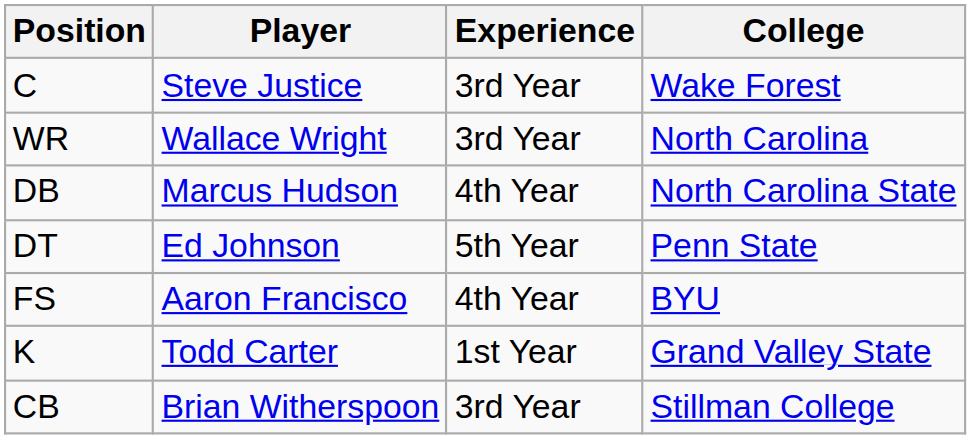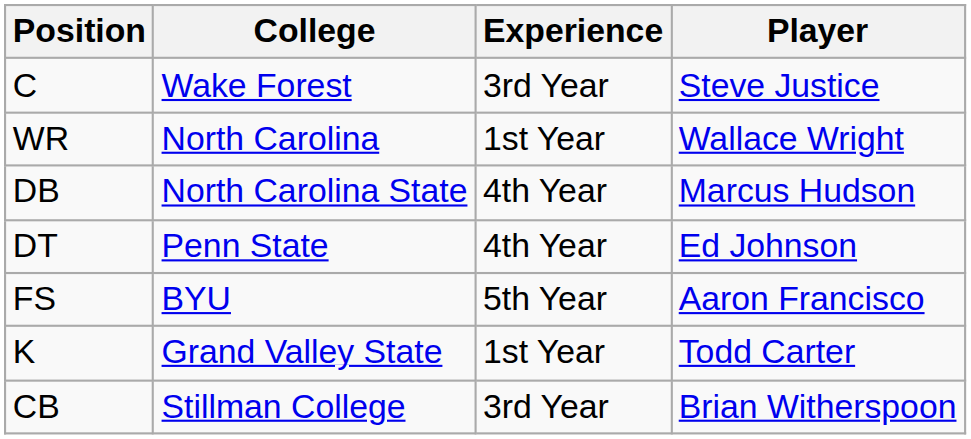 <table class="wikitable">
 <tr>
 <th>Position</th>
+<th>College</th>
+<th>Experience</th>
 <th>Player</th>
-<th>Experience</th>
-<th>College</th>
 </tr>
 <tr>
 <td>C</td>
+<td><a href='#'>Wake Forest</a></td>
+<td>3rd Year</td>
 <td><a href='#'>Steve Justice</a></td>
-<td>3rd Year</td>
-<td><a href='#'>Wake Forest</a></td>
 </tr>
 <tr>
 <td>WR</td>
+<td><a href='#'>North Carolina</a></td>
+<td>1st Year</td>
 <td><a href='#'>Wallace Wright</a></td>
-<td>3rd Year</td>
-<td><a href='#'>North Carolina</a></td>
 </tr>
 <tr>
 <td>DB</td>
+<td><a href='#'>North Carolina State</a></td>
+<td>4th Year</td>
 <td><a href='#'>Marcus Hudson</a></td>
-<td>4th Year</td>
-<td><a href='#'>North Carolina State</a></td>
 </tr>
 <tr>
 <td>DT</td>
+<td><a href='#'>Penn State</a></td>
+<td>4th Year</td>
 <td><a href='#'>Ed Johnson</a></td>
-<td>5th Year</td>
-<td><a href='#'>Penn State</a></td>
 </tr>
 <tr>
 <td>FS</td>
+<td><a href='#'>BYU</a></td>
+<td>5th Year</td>
 <td><a href='#'>Aaron Francisco</a></td>
-<td>4th Year</td>
-<td><a href='#'>BYU</a></td>
 </tr>
 <tr>
 <td>K</td>
+<td><a href='#'>Grand Valley State</a></td>
+<td>1st Year</td>
 <td><a href='#'>Todd Carter</a></td>
-<td>1st Year</td>
-<td><a href='#'>Grand Valley State</a></td>
 </tr>
 <tr>
 <td>CB</td>
+<td><a href='#'>Stillman College</a></td>
+<td>3rd Year</td>
 <td><a href='#'>Brian Witherspoon</a></td>
-<td>3rd Year</td>
-<td><a href='#'>Stillman College</a></td>
 </tr>
 </table>
